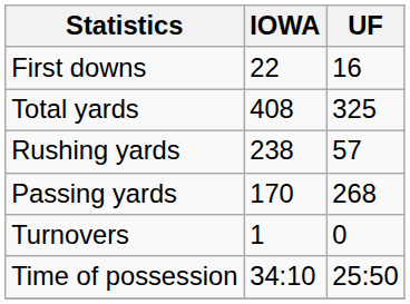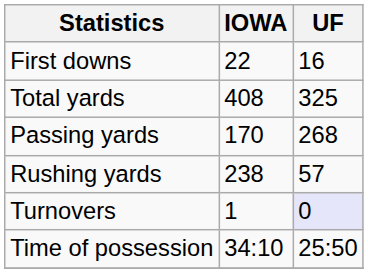 <table class="wikitable">
 <tr>
 <th>Statistics</th>
 <th>IOWA</th>
 <th>UF</th>
 </tr>
 <tr>
 <td>First downs</td>
 <td>22</td>
 <td>16</td>
 </tr>
 <tr>
 <td>Total yards</td>
 <td>408</td>
 <td>325</td>
 </tr>
 <tr>
+<td>Passing yards</td>
+<td>170</td>
+<td>268</td>
+</tr>
+<tr>
 <td>Rushing yards</td>
 <td>238</td>
 <td>57</td>
 </tr>
 <tr>
-<td>Passing yards</td>
-<td>170</td>
-<td>268</td>
-</tr>
-<tr>
 <td>Turnovers</td>
 <td>1</td>
-<td>0</td>
+<td style="background: lavender;">0</td>
 </tr>
 <tr>
 <td>Time of possession</td>
 <td>34:10</td>
 <td>25:50</td>
 </tr>
 <tr>
 </tr>
 </table>
